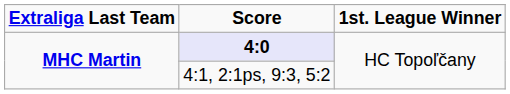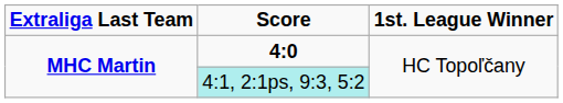 <table class="wikitable" style="text-align: center;">
 <tr>
 <td><strong><a href='#'>Extraliga</a> Last Team</strong></td>
 <td><strong>Score</strong></td>
 <td><strong>1st. League Winner</strong></td>
 </tr>
 <tr>
 <td rowspan="2" valign="left"><strong><a href='#'>MHC Martin</a></strong></td>
-<td style="background: lavender;"><strong>4:0</strong></td>
+<td><strong>4:0</strong></td>
 <td rowspan="2" valign="left">HC Topoľčany</td>
 </tr>
 <tr>
-<td>4:1, 2:1ps, 9:3, 5:2</td>
+<td style="background: paleturquoise;">4:1, 2:1ps, 9:3, 5:2</td>
 </tr>
 </table>
